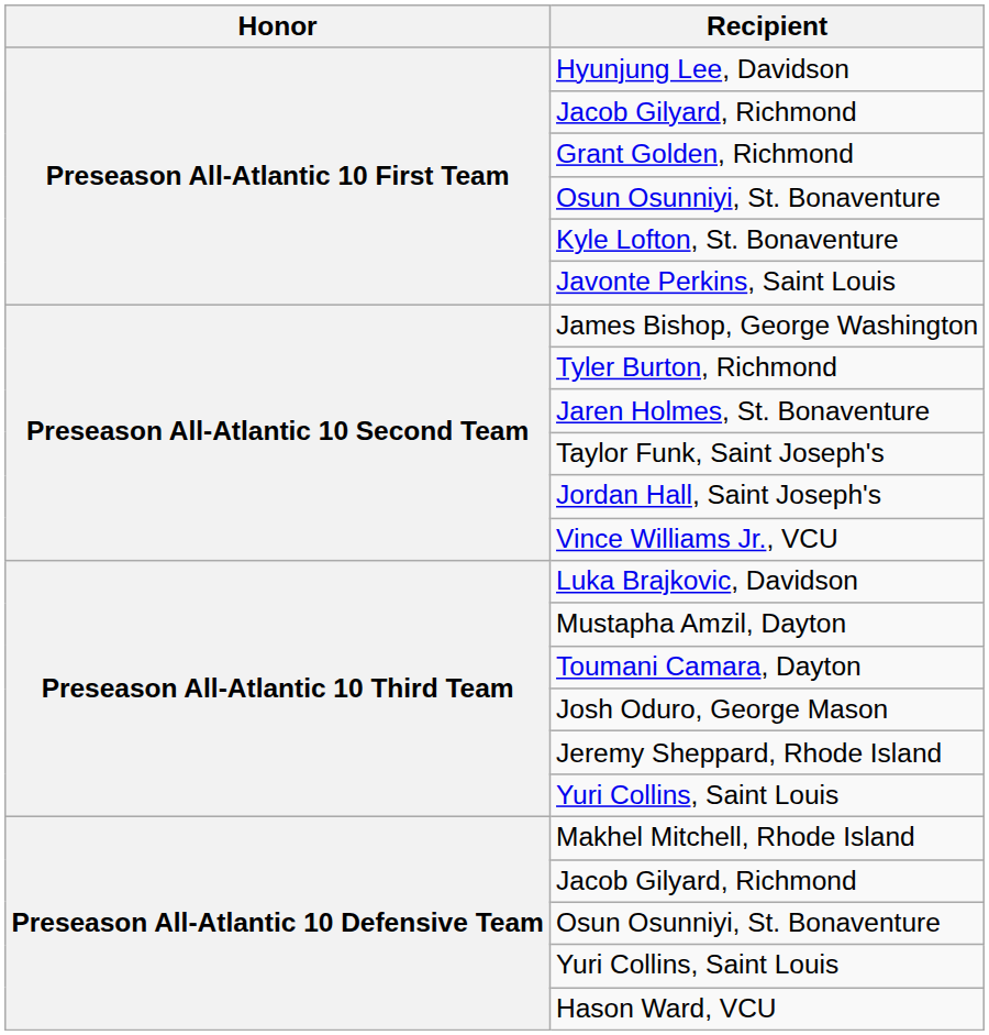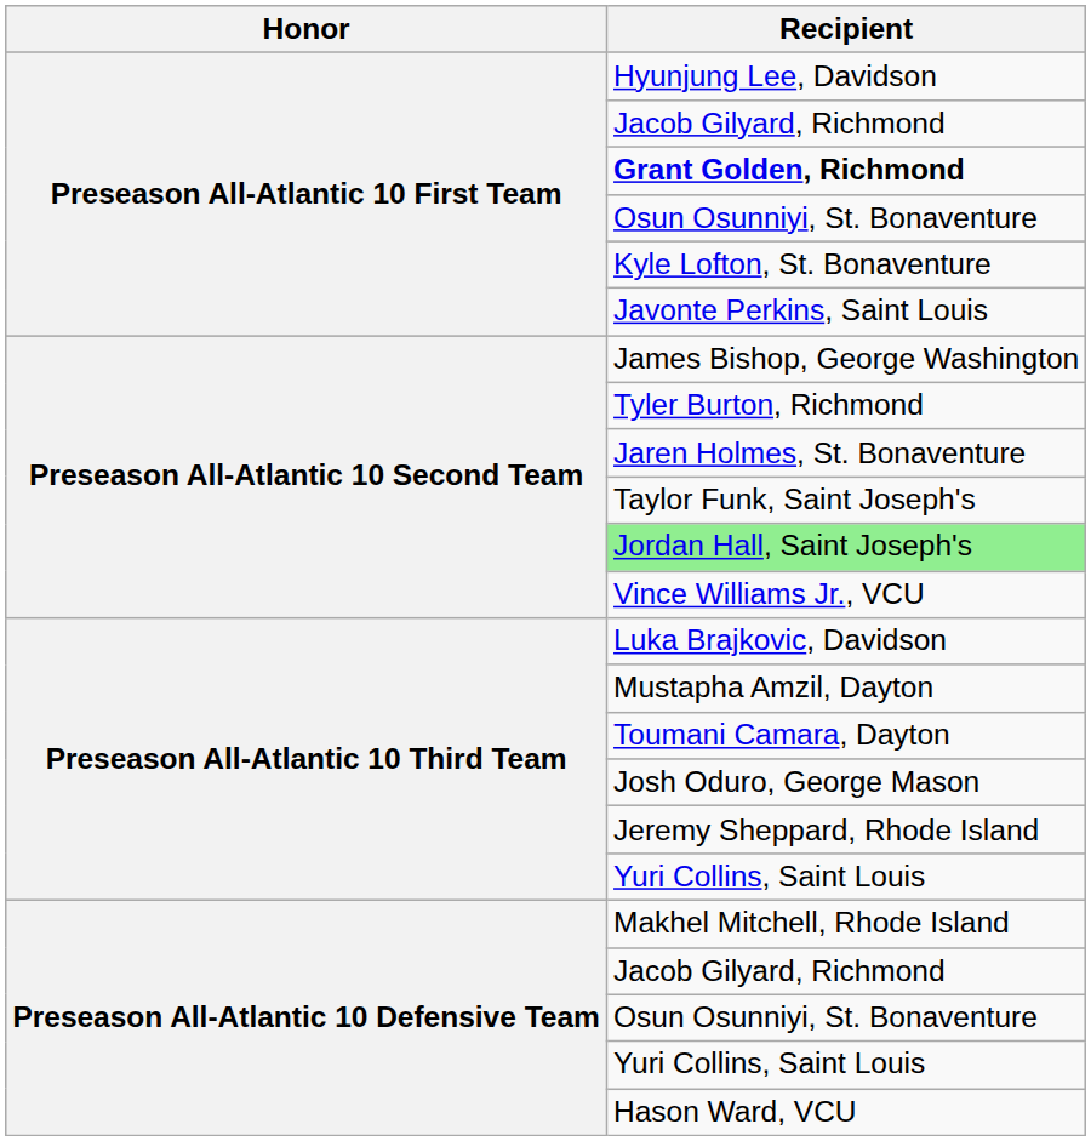 <table class="wikitable">
 <tr>
 <th>Honor</th>
 <th>Recipient</th>
 </tr>
 <tr>
 <th rowspan="6">Preseason All-Atlantic 10 First Team</th>
 <td><a href='#'>Hyunjung Lee</a>, Davidson</td>
 </tr>
 <tr>
 <td><a href='#'>Jacob Gilyard</a>, Richmond</td>
 </tr>
 <tr>
-<td><a href='#'>Grant Golden</a>, Richmond</td>
+<td><strong><a href='#'>Grant Golden</a>, Richmond</strong></td>
 </tr>
 <tr>
 <td><a href='#'>Osun Osunniyi</a>, St. Bonaventure</td>
 </tr>
 <tr>
 <td><a href='#'>Kyle Lofton</a>, St. Bonaventure</td>
 </tr>
 <tr>
 <td><a href='#'>Javonte Perkins</a>, Saint Louis</td>
 </tr>
 <tr>
 <th rowspan="6">Preseason All-Atlantic 10 Second Team</th>
 <td>James Bishop, George Washington</td>
 </tr>
 <tr>
 <td><a href='#'>Tyler Burton</a>, Richmond</td>
 </tr>
 <tr>
 <td><a href='#'>Jaren Holmes</a>, St. Bonaventure</td>
 </tr>
 <tr>
 <td>Taylor Funk, Saint Joseph's</td>
 </tr>
 <tr>
-<td><a href='#'>Jordan Hall</a>, Saint Joseph's</td>
+<td style="background: lightgreen;"><a href='#'>Jordan Hall</a>, Saint Joseph's</td>
 </tr>
 <tr>
 <td><a href='#'>Vince Williams Jr.</a>, VCU</td>
 </tr>
 <tr>
 <th rowspan="6">Preseason All-Atlantic 10 Third Team</th>
 <td><a href='#'>Luka Brajkovic</a>, Davidson</td>
 </tr>
 <tr>
 <td>Mustapha Amzil, Dayton</td>
 </tr>
 <tr>
 <td><a href='#'>Toumani Camara</a>, Dayton</td>
 </tr>
 <tr>
 <td>Josh Oduro, George Mason</td>
 </tr>
 <tr>
 <td>Jeremy Sheppard, Rhode Island</td>
 </tr>
 <tr>
 <td><a href='#'>Yuri Collins</a>, Saint Louis</td>
 </tr>
 <tr>
 <th rowspan="5">Preseason All-Atlantic 10 Defensive Team</th>
 <td>Makhel Mitchell, Rhode Island</td>
 </tr>
 <tr>
 <td>Jacob Gilyard, Richmond</td>
 </tr>
 <tr>
 <td>Osun Osunniyi, St. Bonaventure</td>
 </tr>
 <tr>
 <td>Yuri Collins, Saint Louis</td>
 </tr>
 <tr>
 <td>Hason Ward, VCU</td>
 </tr>
 </table>
